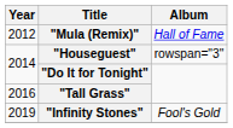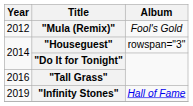 <table class="wikitable plainrowheaders" style="text-align:center;">
 <tr>
 <th scope="col">Year</th>
 <th scope="col">Title</th>
 <th scope="col">Album</th>
 </tr>
 <tr>
 <td>2012</td>
 <th scope="row">"Mula (Remix)"<br></th>
-<td><em><a href='#'>Hall of Fame</a></em></td>
+<td><em>Fool's Gold</em></td>
 </tr>
 <tr>
 <td rowspan="2">2014</td>
 <th scope="row">"Houseguest"<br></th>
 <td>rowspan="3" </td>
 </tr>
 <tr>
 <th scope="row">"Do It for Tonight"<br></th>
 </tr>
 <tr>
 <td>2016</td>
 <th scope="row">"Tall Grass"<br></th>
 </tr>
 <tr>
 <td>2019</td>
 <th scope="row">"Infinity Stones"<br></th>
-<td><em>Fool's Gold</em></td>
+<td><em><a href='#'>Hall of Fame</a></em></td>
 </tr>
 <tr>
 </tr>
 </table>
